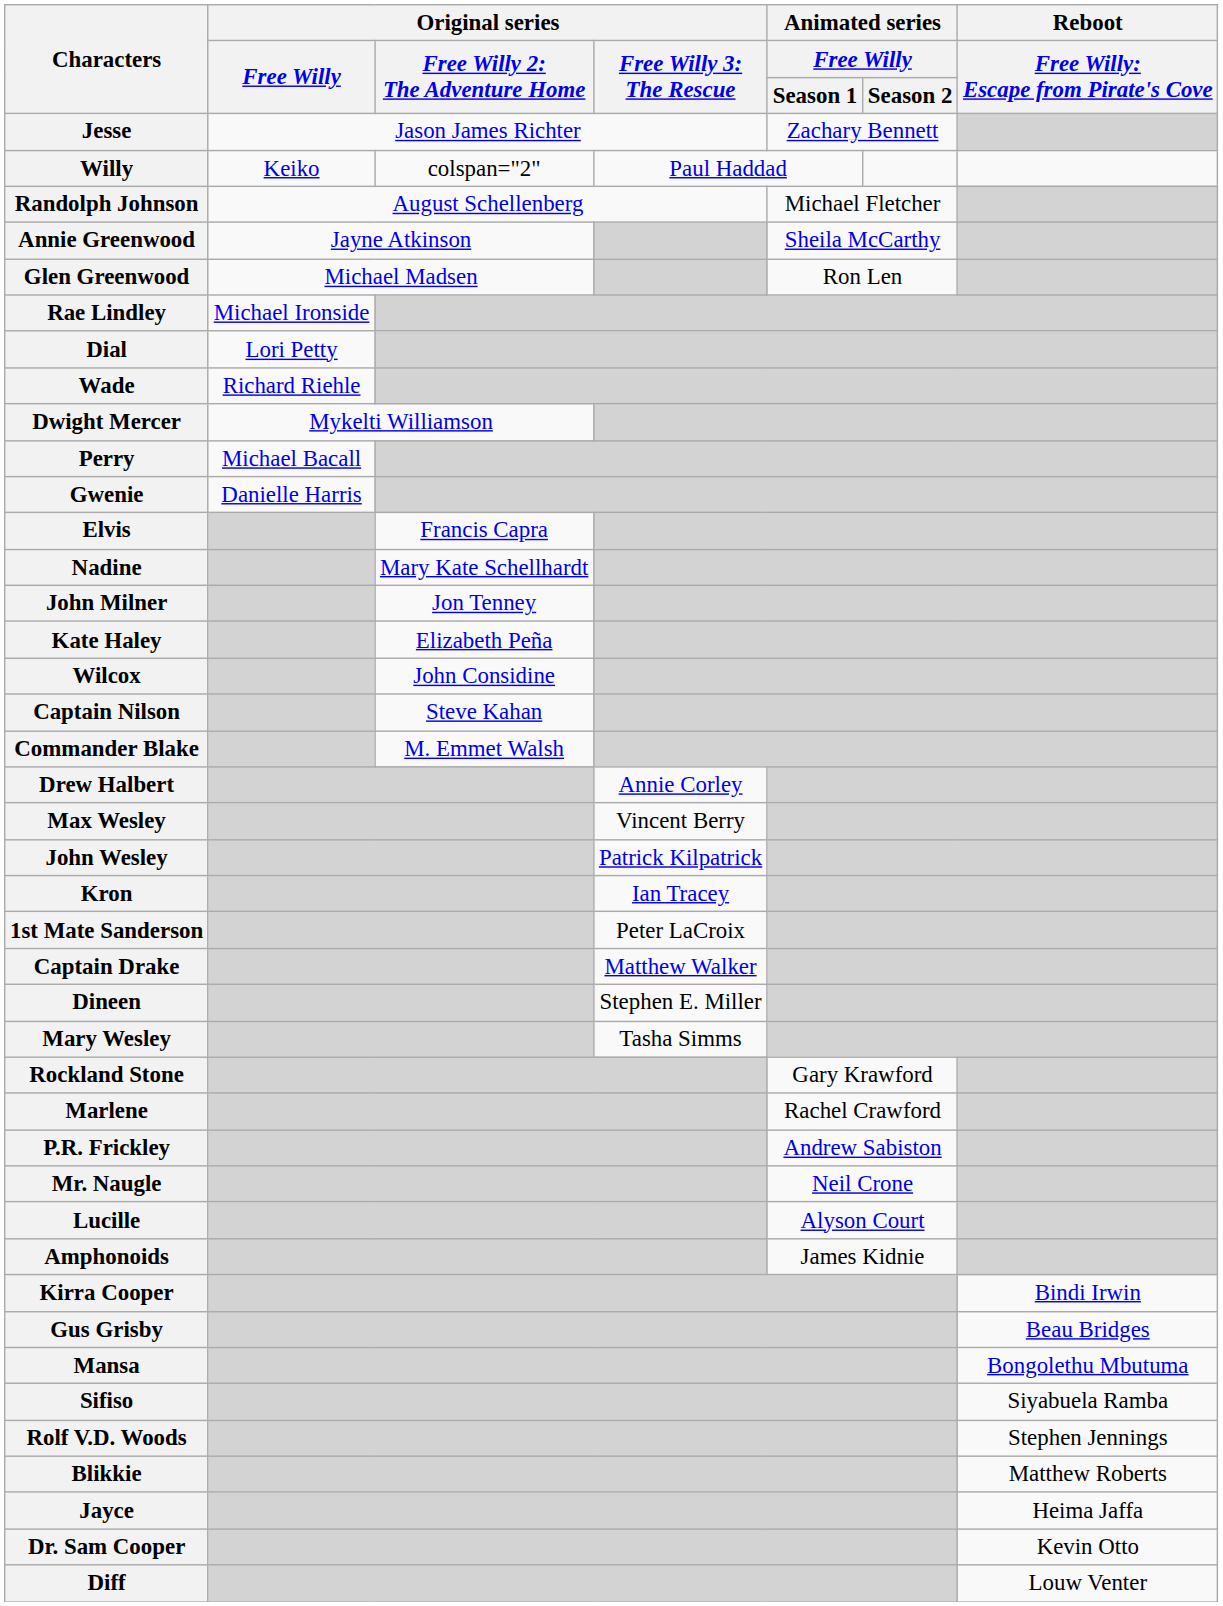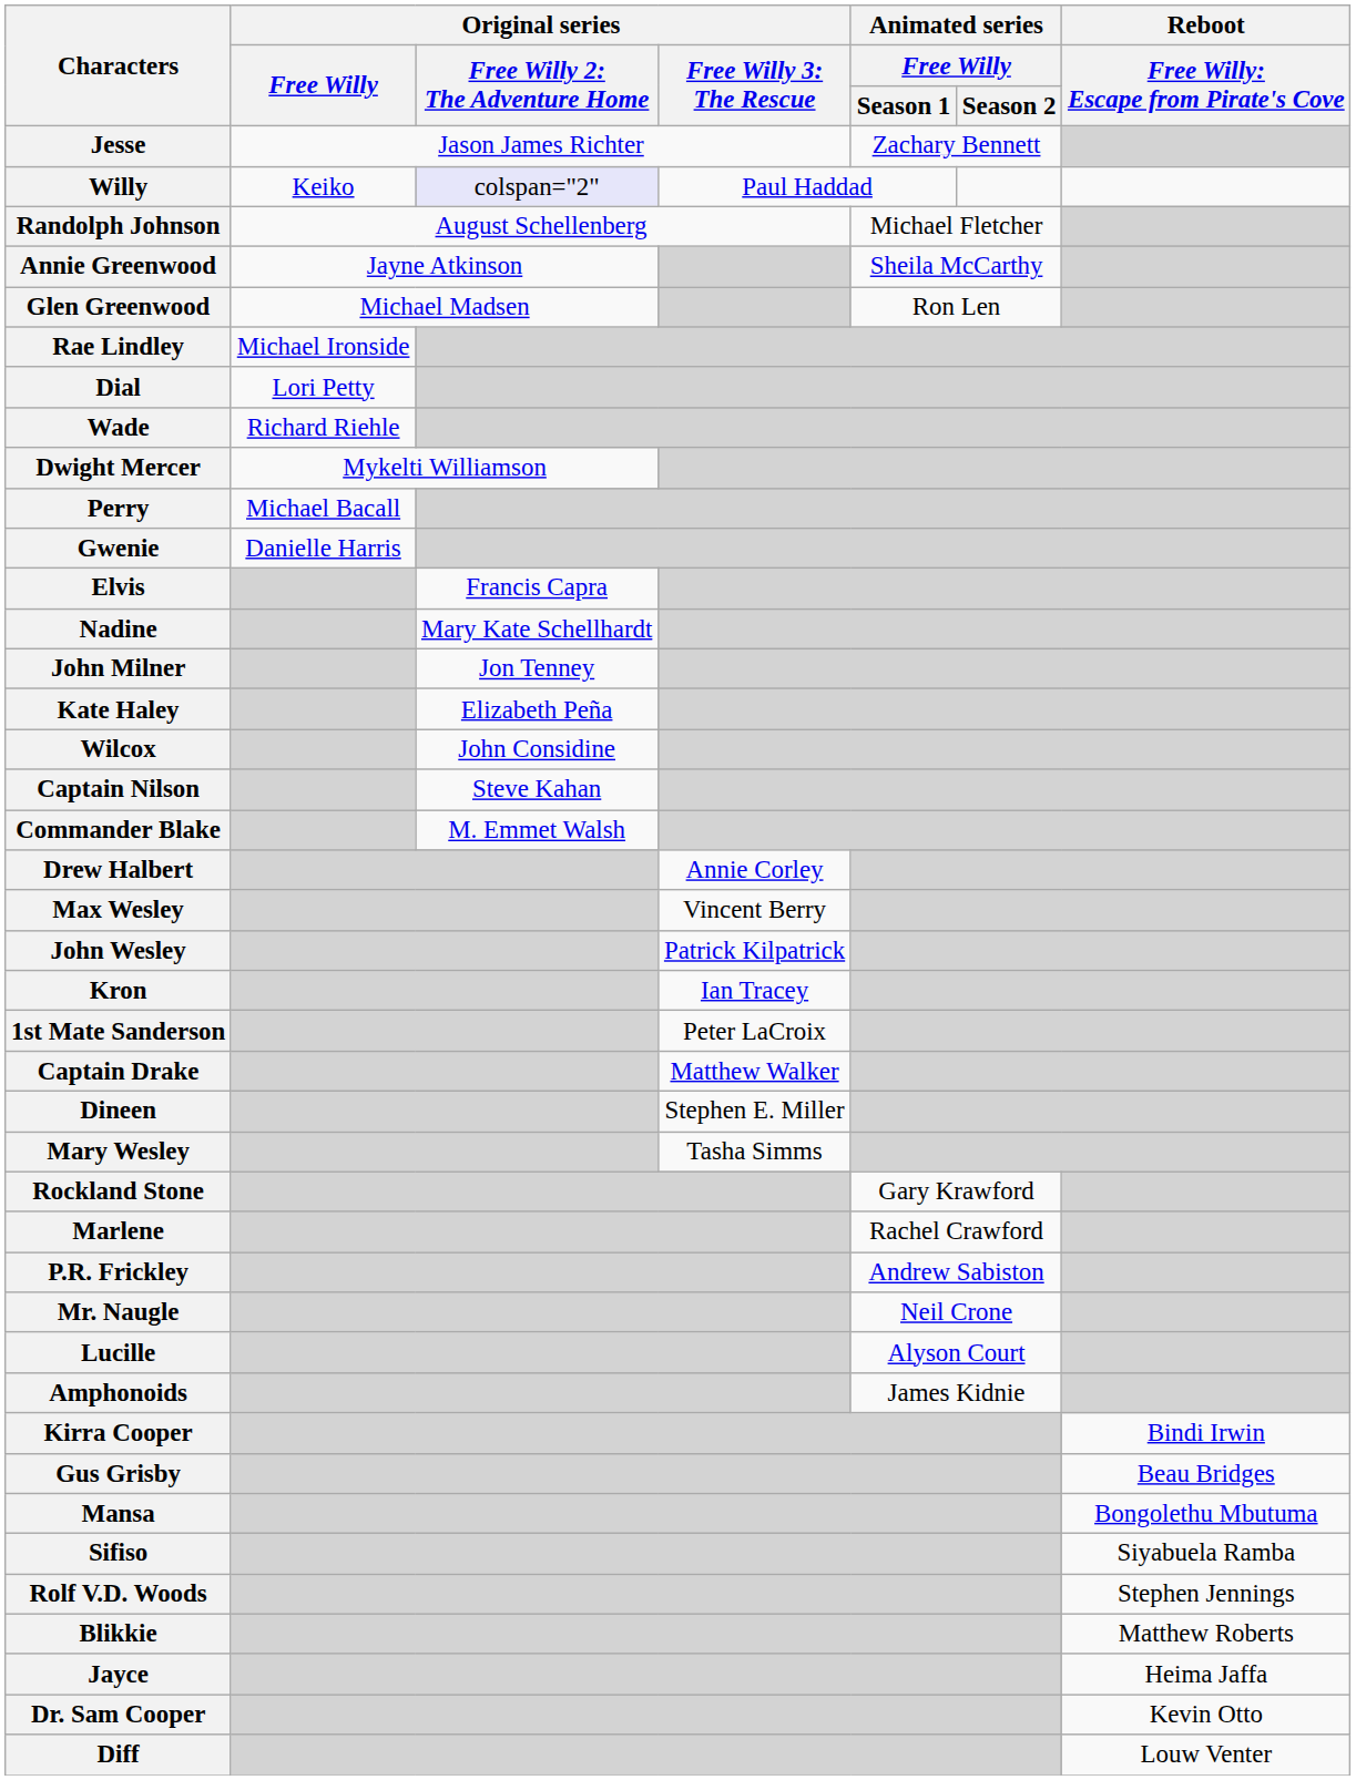 <table class="wikitable plainrowheaders" style="text-align:center;">
 <tr>
 <th rowspan="3">Characters</th>
 <th colspan="3">Original series</th>
 <th colspan="2">Animated series</th>
 <th>Reboot</th>
 </tr>
 <tr>
 <th rowspan="2"><em><a href='#'>Free Willy</a></em></th>
 <th rowspan="2"><em><a href='#'>Free Willy 2:<br>The Adventure Home</a></em></th>
 <th rowspan="2"><em><a href='#'>Free Willy 3:<br>The Rescue</a></em></th>
 <th colspan="2"><em><a href='#'>Free Willy</a></em></th>
 <th rowspan="2"><em><a href='#'>Free Willy:<br>Escape from Pirate's Cove</a></em></th>
 </tr>
 <tr>
 <th>Season 1</th>
 <th>Season 2</th>
 </tr>
 <tr>
 <th>Jesse</th>
 <td colspan="3"><a href='#'>Jason James Richter</a></td>
 <td colspan="2"><a href='#'>Zachary Bennett</a></td>
 <td style=background-color:#D3D3D3></td>
 </tr>
 <tr>
 <th>Willy</th>
 <td><a href='#'>Keiko</a></td>
-<td>colspan="2" </td>
+<td style="background: lavender;">colspan="2" </td>
 <td colspan="2"><a href='#'>Paul Haddad</a></td>
 <td></td>
 </tr>
 <tr>
 <th>Randolph Johnson</th>
 <td colspan="3"><a href='#'>August Schellenberg</a></td>
 <td colspan="2">Michael Fletcher</td>
 <td style=background-color:#D3D3D3></td>
 </tr>
 <tr>
 <th>Annie Greenwood</th>
 <td colspan="2"><a href='#'>Jayne Atkinson</a></td>
 <td style=background-color:#D3D3D3></td>
 <td colspan="2"><a href='#'>Sheila McCarthy</a></td>
 <td style=background-color:#D3D3D3></td>
 </tr>
 <tr>
 <th>Glen Greenwood</th>
 <td colspan="2"><a href='#'>Michael Madsen</a></td>
 <td style=background-color:#D3D3D3></td>
 <td colspan="2">Ron Len</td>
 <td style=background-color:#D3D3D3></td>
 </tr>
 <tr>
 <th>Rae Lindley</th>
 <td><a href='#'>Michael Ironside</a></td>
 <td colspan="5" style="background-color:#D3D3D3"></td>
 </tr>
 <tr>
 <th>Dial</th>
 <td><a href='#'>Lori Petty</a></td>
 <td colspan="5" style=background-color:#D3D3D3></td>
 </tr>
 <tr>
 <th>Wade</th>
 <td><a href='#'>Richard Riehle</a></td>
 <td colspan="5" style=background-color:#D3D3D3></td>
 </tr>
 <tr>
 <th>Dwight Mercer</th>
 <td colspan="2"><a href='#'>Mykelti Williamson</a></td>
 <td colspan="4" style=background:#D3D3D3></td>
 </tr>
 <tr>
 <th>Perry</th>
 <td><a href='#'>Michael Bacall</a></td>
 <td colspan="5" style=background-color:#D3D3D3></td>
 </tr>
 <tr>
 <th>Gwenie</th>
 <td><a href='#'>Danielle Harris</a></td>
 <td colspan="5" style=background-color:#D3D3D3></td>
 </tr>
 <tr>
 <th>Elvis</th>
 <td style=background-color:#D3D3D3></td>
 <td><a href='#'>Francis Capra</a></td>
 <td colspan="4" style=background-color:#D3D3D3></td>
 </tr>
 <tr>
 <th>Nadine</th>
 <td style=background-color:#D3D3D3></td>
 <td><a href='#'>Mary Kate Schellhardt</a></td>
 <td colspan="4" style=background-color:#D3D3D3></td>
 </tr>
 <tr>
 <th>John Milner</th>
 <td style=background-color:#D3D3D3></td>
 <td><a href='#'>Jon Tenney</a></td>
 <td colspan="4" style=background-color:#D3D3D3></td>
 </tr>
 <tr>
 <th>Kate Haley</th>
 <td style=background-color:#D3D3D3></td>
 <td><a href='#'>Elizabeth Peña</a></td>
 <td colspan="4" style=background-color:#D3D3D3></td>
 </tr>
 <tr>
 <th>Wilcox</th>
 <td style=background-color:#D3D3D3></td>
 <td><a href='#'>John Considine</a></td>
 <td colspan="4" style=background-color:#D3D3D3></td>
 </tr>
 <tr>
 <th>Captain Nilson</th>
 <td style=background-color:#D3D3D3></td>
 <td><a href='#'>Steve Kahan</a></td>
 <td colspan="4" style=background-color:#D3D3D3></td>
 </tr>
 <tr>
 <th>Commander Blake</th>
 <td style=background-color:#D3D3D3></td>
 <td><a href='#'>M. Emmet Walsh</a></td>
 <td colspan="4" style=background-color:#D3D3D3></td>
 </tr>
 <tr>
 <th>Drew Halbert</th>
 <td colspan="2" style=background-color:#D3D3D3></td>
 <td><a href='#'>Annie Corley</a></td>
 <td colspan="3" style=background-color:#D3D3D3></td>
 </tr>
 <tr>
 <th>Max Wesley</th>
 <td colspan="2" style=background-color:#D3D3D3></td>
 <td>Vincent Berry</td>
 <td colspan="3" style=background-color:#D3D3D3></td>
 </tr>
 <tr>
 <th>John Wesley</th>
 <td colspan="2" style=background-color:#D3D3D3></td>
 <td><a href='#'>Patrick Kilpatrick</a></td>
 <td colspan="3" style=background-color:#D3D3D3></td>
 </tr>
 <tr>
 <th>Kron</th>
 <td colspan="2" style=background-color:#D3D3D3></td>
 <td><a href='#'>Ian Tracey</a></td>
 <td colspan="3" style=background-color:#D3D3D3></td>
 </tr>
 <tr>
 <th>1st Mate Sanderson</th>
 <td colspan="2" style=background-color:#D3D3D3></td>
 <td>Peter LaCroix</td>
 <td colspan="3" style=background-color:#D3D3D3></td>
 </tr>
 <tr>
 <th>Captain Drake</th>
 <td colspan="2" style=background-color:#D3D3D3></td>
 <td><a href='#'>Matthew Walker</a></td>
 <td colspan="3" style=background-color:#D3D3D3></td>
 </tr>
 <tr>
 <th>Dineen</th>
 <td colspan="2" style=background-color:#D3D3D3></td>
 <td>Stephen E. Miller</td>
 <td colspan="3" style=background-color:#D3D3D3></td>
 </tr>
 <tr>
 <th>Mary Wesley</th>
 <td colspan="2" style=background-color:#D3D3D3></td>
 <td>Tasha Simms</td>
 <td colspan="3" style=background-color:#D3D3D3></td>
 </tr>
 <tr>
 <th>Rockland Stone<br></th>
 <td colspan="3" style=background-color:#D3D3D3></td>
 <td colspan="2">Gary Krawford</td>
 <td style=background-color:#D3D3D3></td>
 </tr>
 <tr>
 <th>Marlene</th>
 <td colspan="3" style=background-color:#D3D3D3></td>
 <td colspan="2">Rachel Crawford</td>
 <td style=background-color:#D3D3D3></td>
 </tr>
 <tr>
 <th>P.R. Frickley</th>
 <td colspan="3" style=background-color:#D3D3D3></td>
 <td colspan="2"><a href='#'>Andrew Sabiston</a></td>
 <td style=background-color:#D3D3D3></td>
 </tr>
 <tr>
 <th>Mr. Naugle</th>
 <td colspan="3" style=background-color:#D3D3D3></td>
 <td colspan="2"><a href='#'>Neil Crone</a></td>
 <td style=background-color:#D3D3D3></td>
 </tr>
 <tr>
 <th>Lucille</th>
 <td colspan="3" style=background-color:#D3D3D3></td>
 <td colspan="2"><a href='#'>Alyson Court</a></td>
 <td style=background-color:#D3D3D3></td>
 </tr>
 <tr>
 <th>Amphonoids</th>
 <td colspan="3" style=background-color:#D3D3D3></td>
 <td colspan="2">James Kidnie</td>
 <td style=background-color:#D3D3D3></td>
 </tr>
 <tr>
 <th>Kirra Cooper</th>
 <td colspan="5" style=background-color:#D3D3D3></td>
 <td><a href='#'>Bindi Irwin</a></td>
 </tr>
 <tr>
 <th>Gus Grisby</th>
 <td colspan="5" style=background-color:#D3D3D3></td>
 <td><a href='#'>Beau Bridges</a></td>
 </tr>
 <tr>
 <th>Mansa</th>
 <td colspan="5" style=background-color:#D3D3D3></td>
 <td><a href='#'>Bongolethu Mbutuma</a></td>
 </tr>
 <tr>
 <th>Sifiso</th>
 <td colspan="5" style=background-color:#D3D3D3></td>
 <td>Siyabuela Ramba</td>
 </tr>
 <tr>
 <th>Rolf V.D. Woods</th>
 <td colspan="5" style=background-color:#D3D3D3></td>
 <td>Stephen Jennings</td>
 </tr>
 <tr>
 <th>Blikkie</th>
 <td colspan="5" style=background-color:#D3D3D3></td>
 <td>Matthew Roberts</td>
 </tr>
 <tr>
 <th>Jayce</th>
 <td colspan="5" style=background-color:#D3D3D3></td>
 <td>Heima Jaffa</td>
 </tr>
 <tr>
 <th>Dr. Sam Cooper</th>
 <td colspan="5" style=background-color:#D3D3D3></td>
 <td>Kevin Otto</td>
 </tr>
 <tr>
 <th>Diff</th>
 <td colspan="5" style=background-color:#D3D3D3></td>
 <td>Louw Venter</td>
 </tr>
 </table>
